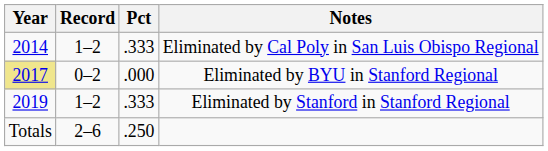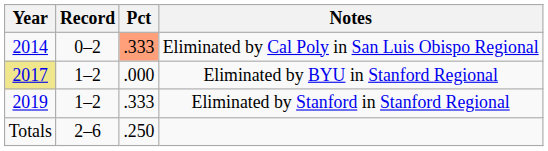 <table class="wikitable sortable" style="text-align:center">
 <tr>
 <th>Year</th>
 <th>Record</th>
 <th>Pct</th>
 <th>Notes</th>
 </tr>
 <tr>
 <td><a href='#'>2014</a></td>
-<td>1–2</td>
-<td>.333</td>
+<td>0–2</td>
+<td style="background: lightsalmon;">.333</td>
 <td>Eliminated by <a href='#'>Cal Poly</a> in <a href='#'>San Luis Obispo Regional</a></td>
 </tr>
 <tr>
 <td style="background: khaki;"><a href='#'>2017</a></td>
-<td>0–2</td>
+<td>1–2</td>
 <td>.000</td>
 <td>Eliminated by <a href='#'>BYU</a> in <a href='#'>Stanford Regional</a></td>
 </tr>
 <tr>
 <td><a href='#'>2019</a></td>
 <td>1–2</td>
 <td>.333</td>
 <td>Eliminated by <a href='#'>Stanford</a> in <a href='#'>Stanford Regional</a></td>
 </tr>
 <tr class="sortbottom">
 <td>Totals</td>
 <td>2–6</td>
 <td>.250</td>
 <td></td>
 </tr>
 </table>
